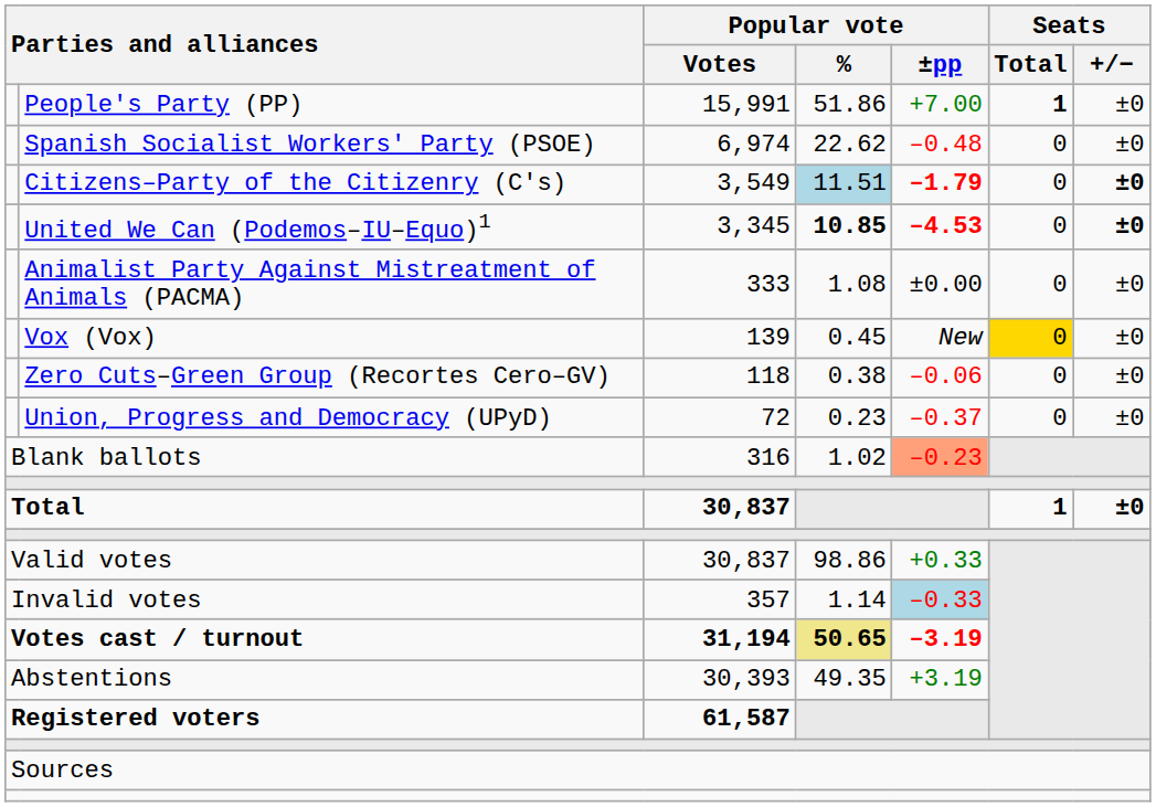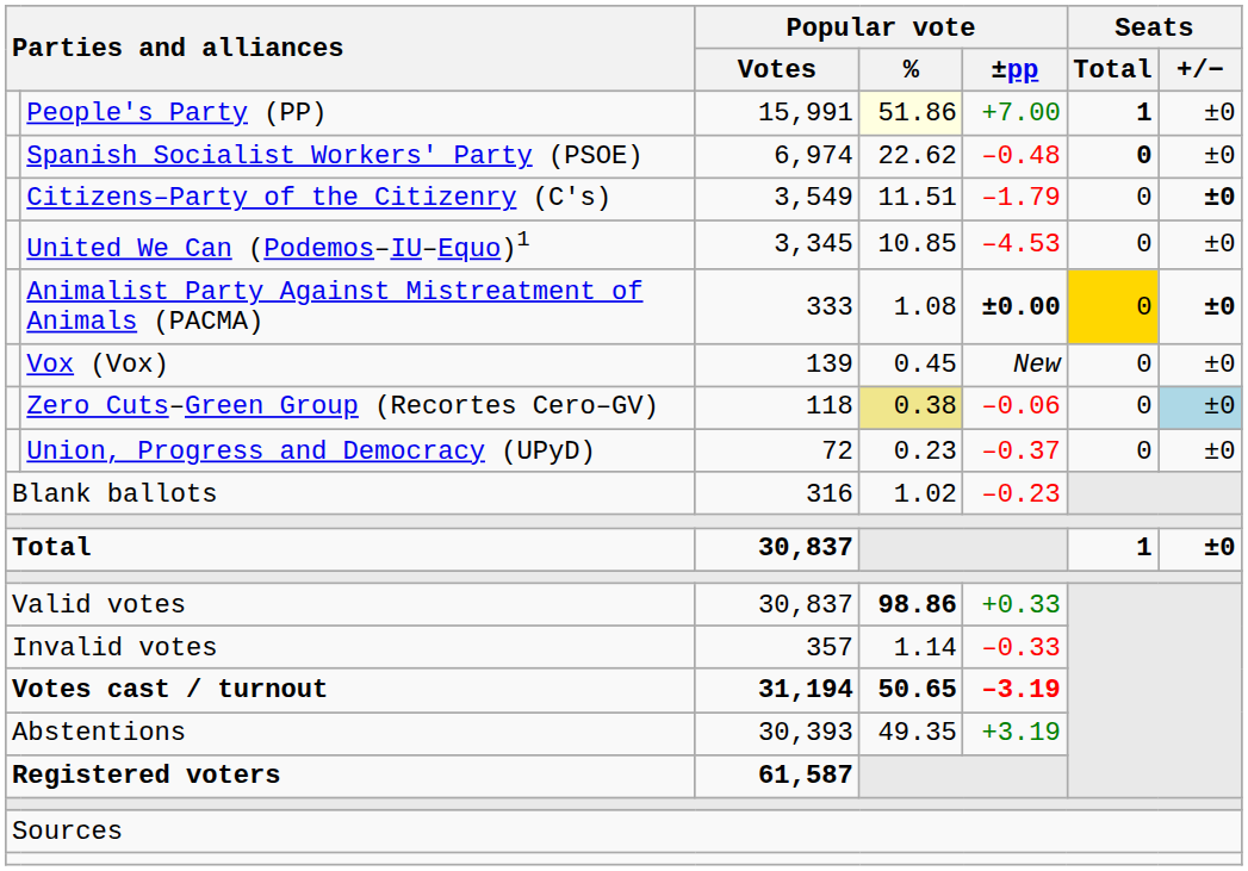 <table class="wikitable" style="text-align:right;">
 <tr>
 <th style="text-align:left;" rowspan="2" colspan="2" width="525">Parties and alliances</th>
 <th colspan="3">Popular vote</th>
 <th colspan="2">Seats</th>
 </tr>
 <tr>
 <th width="75">Votes</th>
 <th width="45">%</th>
 <th width="45">±<a href='#'>pp</a></th>
 <th width="35">Total</th>
 <th width="35">+/−</th>
 </tr>
 <tr>
 <td width="1" style="color:inherit;background:"></td>
 <td align="left"><a href='#'>People's Party</a> (PP)</td>
 <td>15,991</td>
-<td>51.86</td>
+<td style="background: lightyellow;">51.86</td>
 <td style="color:green;">+7.00</td>
 <td><strong>1</strong></td>
 <td>±0</td>
 </tr>
 <tr>
 <td style="color:inherit;background:"></td>
 <td align="left"><a href='#'>Spanish Socialist Workers' Party</a> (PSOE)</td>
 <td>6,974</td>
 <td>22.62</td>
 <td style="color:red;">–0.48</td>
-<td>0</td>
+<td><strong>0</strong></td>
 <td>±0</td>
 </tr>
 <tr>
 <td style="color:inherit;background:"></td>
 <td align="left"><a href='#'>Citizens–Party of the Citizenry</a> (C's)</td>
 <td>3,549</td>
-<td style="background: lightblue;">11.51</td>
-<td style="color:red;"><strong>–1.79</strong></td>
+<td>11.51</td>
+<td style="color:red;">–1.79</td>
 <td>0</td>
 <td><strong>±0</strong></td>
 </tr>
 <tr>
 <td style="color:inherit;background:"></td>
 <td align="left"><a href='#'>United We Can</a> (<a href='#'>Podemos</a>–<a href='#'>IU</a>–<a href='#'>Equo</a>)<sup>1</sup></td>
 <td>3,345</td>
-<td><strong>10.85</strong></td>
-<td style="color:red;"><strong>–4.53</strong></td>
+<td>10.85</td>
+<td style="color:red;">–4.53</td>
 <td>0</td>
-<td><strong>±0</strong></td>
+<td>±0</td>
 </tr>
 <tr>
 <td style="color:inherit;background:"></td>
 <td align="left"><a href='#'>Animalist Party Against Mistreatment of Animals</a> (PACMA)</td>
 <td>333</td>
 <td>1.08</td>
-<td>±0.00</td>
-<td>0</td>
-<td>±0</td>
+<td><strong>±0.00</strong></td>
+<td style="background: gold;">0</td>
+<td><strong>±0</strong></td>
 </tr>
 <tr>
 <td style="color:inherit;background:"></td>
 <td align="left"><a href='#'>Vox</a> (Vox)</td>
 <td>139</td>
 <td>0.45</td>
 <td><em>New</em></td>
-<td style="background: gold;">0</td>
+<td>0</td>
 <td>±0</td>
 </tr>
 <tr>
 <td style="color:inherit;background:"></td>
 <td align="left"><a href='#'>Zero Cuts</a>–<a href='#'>Green Group</a> (Recortes Cero–GV)</td>
 <td>118</td>
-<td>0.38</td>
+<td style="background: khaki;">0.38</td>
 <td style="color:red;">–0.06</td>
 <td>0</td>
-<td>±0</td>
+<td style="background: lightblue;">±0</td>
 </tr>
 <tr>
 <td style="color:inherit;background:"></td>
 <td align="left"><a href='#'>Union, Progress and Democracy</a> (UPyD)</td>
 <td>72</td>
 <td>0.23</td>
 <td style="color:red;">–0.37</td>
 <td>0</td>
 <td>±0</td>
 </tr>
 <tr>
 <td align="left" colspan="2">Blank ballots</td>
 <td>316</td>
 <td>1.02</td>
-<td style="background: lightsalmon; color:red;">–0.23</td>
+<td style="color:red;">–0.23</td>
 <td bgcolor="#E9E9E9" colspan="2"></td>
 </tr>
 <tr>
 <td colspan="7" bgcolor="#E9E9E9"></td>
 </tr>
 <tr style="font-weight:bold;">
 <td align="left" colspan="2">Total</td>
 <td>30,837</td>
 <td bgcolor="#E9E9E9" colspan="2"></td>
 <td>1</td>
 <td>±0</td>
 </tr>
 <tr>
 <td colspan="7" bgcolor="#E9E9E9"></td>
 </tr>
 <tr>
 <td align="left" colspan="2">Valid votes</td>
 <td>30,837</td>
-<td>98.86</td>
+<td><strong>98.86</strong></td>
 <td style="color:green;">+0.33</td>
 <td bgcolor="#E9E9E9" colspan="2" rowspan="5"></td>
 </tr>
 <tr>
 <td align="left" colspan="2">Invalid votes</td>
 <td>357</td>
 <td>1.14</td>
-<td style="background: lightblue; color:red;">–0.33</td>
+<td style="color:red;">–0.33</td>
 </tr>
 <tr style="font-weight:bold;">
 <td align="left" colspan="2">Votes cast / turnout</td>
 <td>31,194</td>
-<td style="background: khaki;">50.65</td>
+<td>50.65</td>
 <td style="color:red;">–3.19</td>
 </tr>
 <tr>
 <td align="left" colspan="2">Abstentions</td>
 <td>30,393</td>
 <td>49.35</td>
 <td style="color:green;">+3.19</td>
 </tr>
 <tr style="font-weight:bold;">
 <td align="left" colspan="2">Registered voters</td>
 <td>61,587</td>
 <td bgcolor="#E9E9E9" colspan="2"></td>
 </tr>
 <tr>
 <td colspan="7" bgcolor="#E9E9E9"></td>
 </tr>
 <tr>
 <td align="left" colspan="7">Sources</td>
 </tr>
 <tr>
 <td colspan="7" style="text-align:left; max-width:790px;"></td>
 </tr>
 </table>
